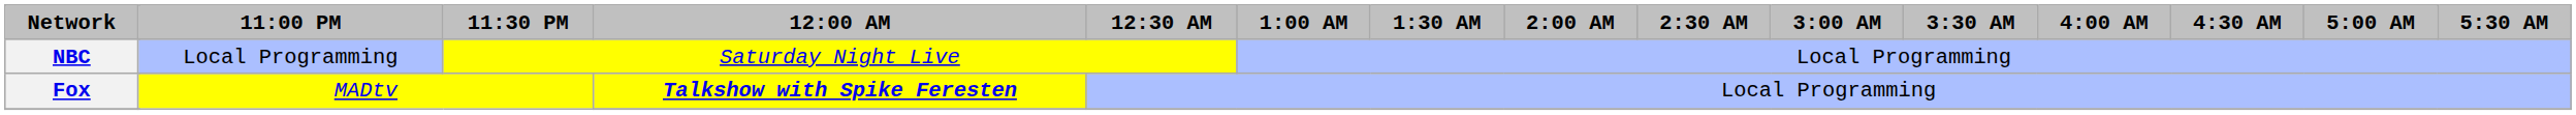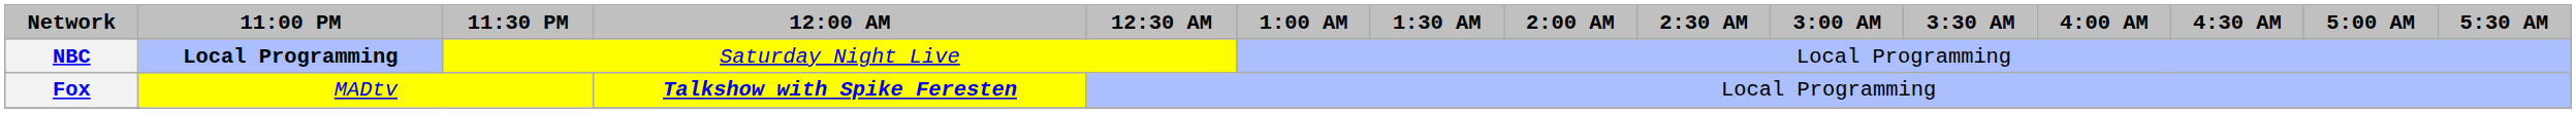 <table class="wikitable" style="width:100%;margin-right:0;text-align:center">
 <tr>
 <th style="background-color:#C0C0C0;text-align:center" colspan="2">Network</th>
 <th style="background-color:#C0C0C0;text-align:center">11:00 PM</th>
 <th style="background-color:#C0C0C0;text-align:center">11:30 PM</th>
 <th style="background-color:#C0C0C0;text-align:center">12:00 AM</th>
 <th style="background-color:#C0C0C0;text-align:center">12:30 AM</th>
 <th style="background-color:#C0C0C0;text-align:center">1:00 AM</th>
 <th style="background-color:#C0C0C0;text-align:center">1:30 AM</th>
 <th style="background-color:#C0C0C0;text-align:center">2:00 AM</th>
 <th style="background-color:#C0C0C0;text-align:center">2:30 AM</th>
 <th style="background-color:#C0C0C0;text-align:center">3:00 AM</th>
 <th style="background-color:#C0C0C0;text-align:center">3:30 AM</th>
 <th style="background-color:#C0C0C0;text-align:center">4:00 AM</th>
 <th style="background-color:#C0C0C0;text-align:center">4:30 AM</th>
 <th style="background-color:#C0C0C0;text-align:center">5:00 AM</th>
 <th style="background-color:#C0C0C0;text-align:center">5:30 AM</th>
 </tr>
 <tr>
 <th colspan="2"><a href='#'>NBC</a></th>
-<td style="background:#abbfff">Local Programming</td>
+<td style="background:#abbfff"><strong>Local Programming</strong></td>
 <td colspan="3" style="background:yellow"><em><a href='#'>Saturday Night Live</a></em></td>
 <td colspan="10" style="background:#abbfff">Local Programming</td>
 </tr>
 <tr>
 <th colspan="2"><a href='#'>Fox</a></th>
 <td colspan="2" rowspan="2" style="background:yellow"><em><a href='#'>MADtv</a></em></td>
 <td colspan="1" style="background:yellow"><strong><em><a href='#'>Talkshow with Spike Feresten</a></em></strong></td>
 <td colspan="11" rowspan="1" style="background:#abbfff">Local Programming</td>
 </tr>
 <tr>
 </tr>
 </table>
